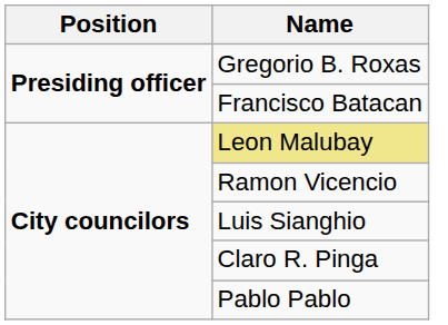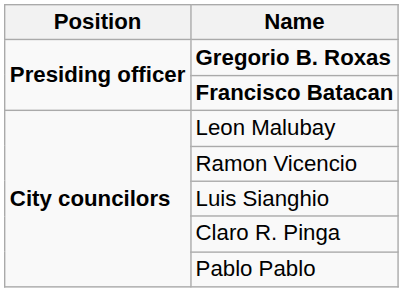 <table class=wikitable>
 <tr>
 <th>Position</th>
 <th>Name</th>
 </tr>
 <tr>
 <td rowspan="2"><strong>Presiding officer</strong></td>
-<td>Gregorio B. Roxas</td>
+<td><strong>Gregorio B. Roxas</strong></td>
 </tr>
 <tr>
-<td>Francisco Batacan</td>
+<td><strong>Francisco Batacan</strong></td>
 </tr>
 <tr>
 <td rowspan="5"><strong>City councilors</strong></td>
-<td style="background: khaki;">Leon Malubay</td>
+<td>Leon Malubay</td>
 </tr>
 <tr>
 <td>Ramon Vicencio</td>
 </tr>
 <tr>
 <td>Luis Sianghio</td>
 </tr>
 <tr>
 <td>Claro R. Pinga</td>
 </tr>
 <tr>
 <td>Pablo Pablo</td>
 </tr>
 </table>
